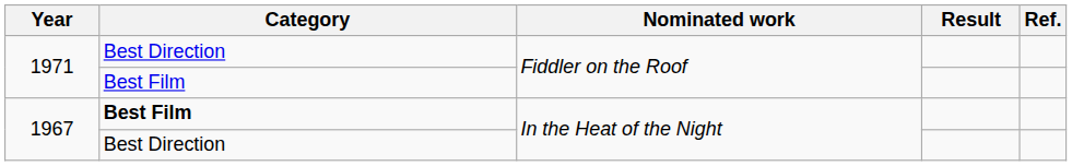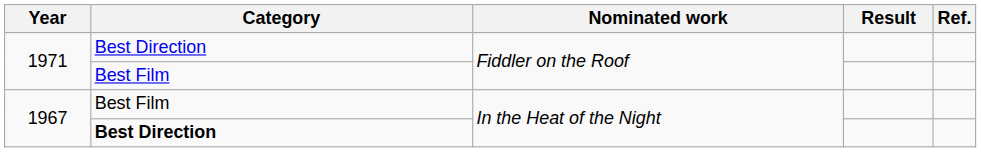 <table class=wikitable>
 <tr>
 <th scope="col" style="width:5em;">Year</th>
 <th scope="col" style="width:26em;">Category</th>
 <th scope="col" style="width:25em;">Nominated work</th>
 <th scope="col" style="width:5em;">Result</th>
 <th>Ref.</th>
 </tr>
 <tr>
 <td style="text-align:center;", rowspan="2">1971</td>
 <td><a href='#'>Best Direction</a></td>
 <td rowspan="2"><em>Fiddler on the Roof</em></td>
 <td></td>
 <td></td>
 </tr>
 <tr>
 <td><a href='#'>Best Film</a></td>
 <td></td>
 <td></td>
 </tr>
 <tr>
 <td style="text-align:center;", rowspan="2">1967</td>
-<td><strong>Best Film</strong></td>
+<td>Best Film</td>
 <td rowspan=2><em>In the Heat of the Night</em></td>
 <td></td>
 <td></td>
 </tr>
 <tr>
-<td>Best Direction</td>
+<td><strong>Best Direction</strong></td>
 <td></td>
 <td></td>
 </tr>
 </table>
